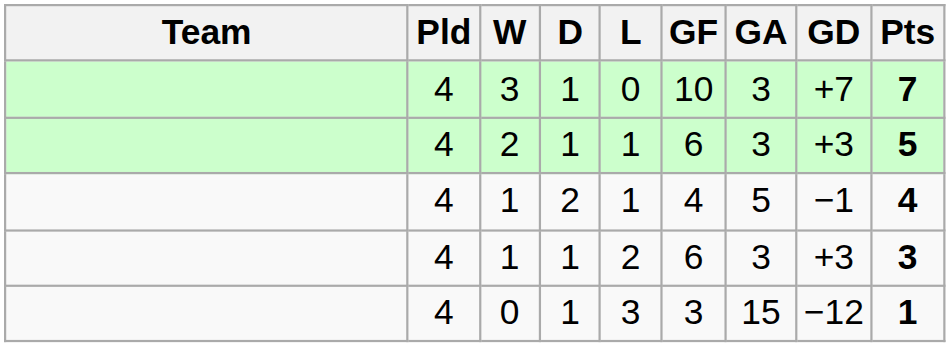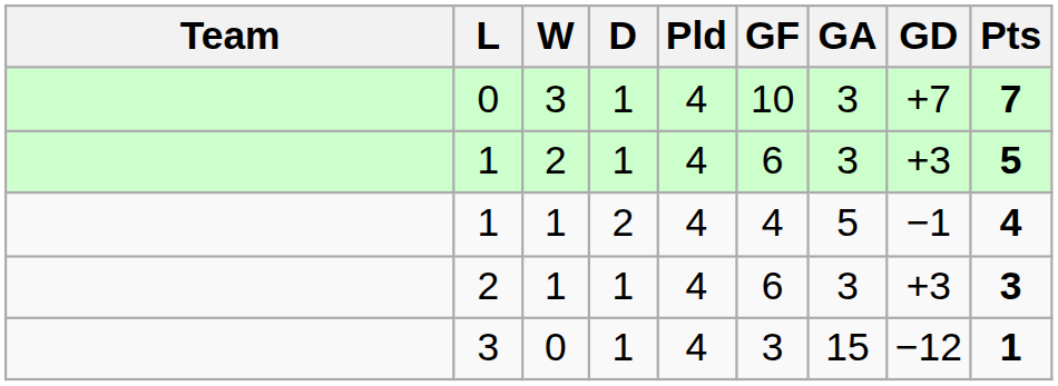 <table class="wikitable" style="text-align: center;">
 <tr>
 <th width=175>Team</th>
-<th width=20>Pld</th>
+<th width=20>L</th>
 <th width=20>W</th>
 <th width=20>D</th>
-<th width=20>L</th>
+<th width=20>Pld</th>
 <th width=20>GF</th>
 <th width=20>GA</th>
 <th width=20>GD</th>
 <th width=20>Pts</th>
 </tr>
 <tr style="background:#ccffcc;">
 <td style="text-align:left;"></td>
-<td>4</td>
+<td>0</td>
 <td>3</td>
 <td>1</td>
-<td>0</td>
+<td>4</td>
 <td>10</td>
 <td>3</td>
 <td>+7</td>
 <td><strong>7</strong></td>
 </tr>
 <tr style="background:#ccffcc;">
 <td style="text-align:left;"></td>
-<td>4</td>
+<td>1</td>
 <td>2</td>
 <td>1</td>
-<td>1</td>
+<td>4</td>
 <td>6</td>
 <td>3</td>
 <td>+3</td>
 <td><strong>5</strong></td>
 </tr>
 <tr>
 <td style="text-align:left;"></td>
-<td>4</td>
+<td>1</td>
 <td>1</td>
 <td>2</td>
-<td>1</td>
+<td>4</td>
 <td>4</td>
 <td>5</td>
 <td>−1</td>
 <td><strong>4</strong></td>
 </tr>
 <tr>
 <td style="text-align:left;"></td>
-<td>4</td>
+<td>2</td>
 <td>1</td>
 <td>1</td>
-<td>2</td>
+<td>4</td>
 <td>6</td>
 <td>3</td>
 <td>+3</td>
 <td><strong>3</strong></td>
 </tr>
 <tr>
 <td style="text-align:left;"></td>
-<td>4</td>
+<td>3</td>
 <td>0</td>
 <td>1</td>
-<td>3</td>
+<td>4</td>
 <td>3</td>
 <td>15</td>
 <td>−12</td>
 <td><strong>1</strong></td>
 </tr>
 </table>
